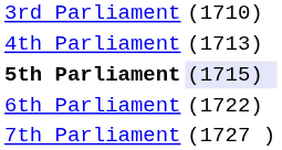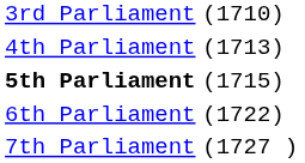 <table id=toc style="float:right">
 <tr>
 <td><a href='#'>3rd Parliament</a></td>
 <td>(1710)</td>
 </tr>
 <tr>
 <td><a href='#'>4th Parliament</a></td>
 <td>(1713)</td>
 </tr>
 <tr>
 <td><strong>5th Parliament</strong></td>
-<td style="background: lavender;">(1715)</td>
+<td>(1715)</td>
 </tr>
 <tr>
 <td><a href='#'>6th Parliament</a></td>
 <td>(1722)</td>
 </tr>
 <tr>
 <td><a href='#'>7th Parliament</a></td>
 <td>(1727 )</td>
 </tr>
 </table>
